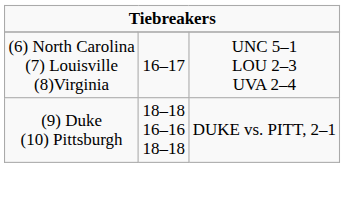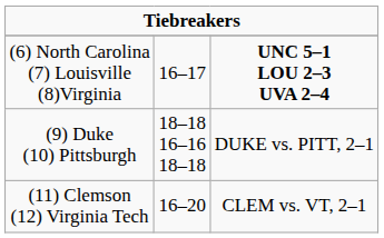 <table class="wikitable" style="display: inline-table;">
 <tr>
 <td align="center" Colspan="3"><strong>Tiebreakers</strong></td>
 </tr>
 <tr align="center">
 </tr>
 <tr align="center">
 <td>(6) North Carolina<br>(7) Louisville<br>(8)Virginia</td>
 <td>16–17</td>
-<td>UNC 5–1<br>LOU 2–3<br>UVA 2–4</td>
+<td><strong>UNC 5–1<br>LOU 2–3<br>UVA 2–4</strong></td>
 </tr>
 <tr align="center">
 <td>(9) Duke<br>(10) Pittsburgh</td>
 <td>18–18<br>16–16<br>18–18</td>
 <td>DUKE vs. PITT, 2–1</td>
 </tr>
+<tr align="center">
+<td>(11) Clemson<br>(12) Virginia Tech</td>
+<td>16–20</td>
+<td>CLEM vs. VT, 2–1</td>
+</tr>
 </table>
